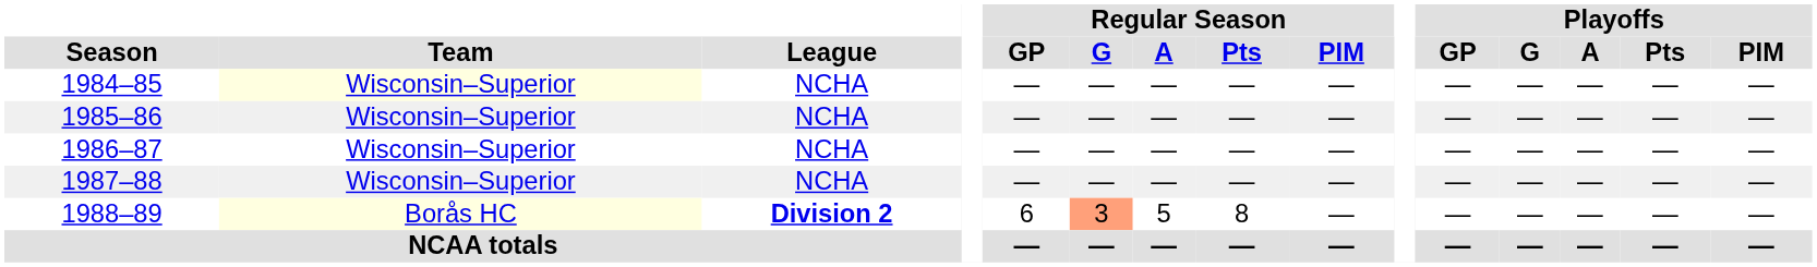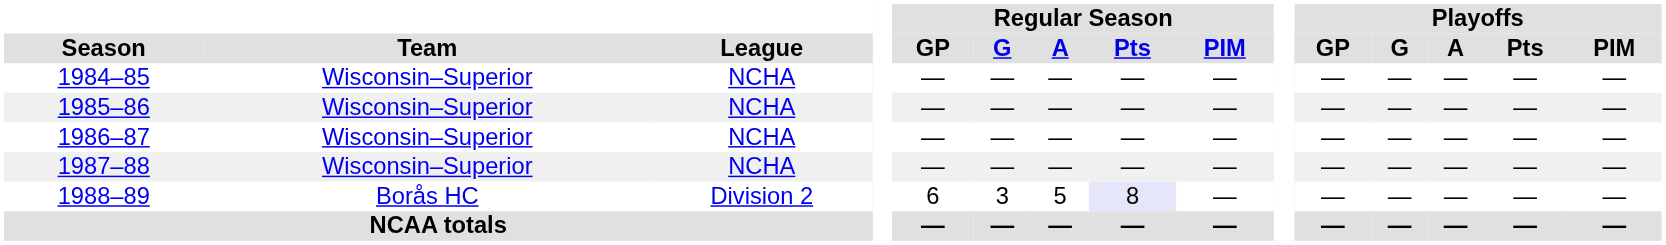 <table border="0" cellpadding="1" cellspacing="0" style="text-align:center; width:70em">
 <tr bgcolor="#e0e0e0">
 <th colspan="3"  bgcolor="#ffffff"> </th>
 <th rowspan="99" bgcolor="#ffffff"> </th>
 <th colspan="5">Regular Season</th>
 <th rowspan="99" bgcolor="#ffffff"> </th>
 <th colspan="5">Playoffs</th>
 </tr>
 <tr bgcolor="#e0e0e0">
 <th>Season</th>
 <th>Team</th>
 <th>League</th>
 <th>GP</th>
 <th><a href='#'>G</a></th>
 <th><a href='#'>A</a></th>
 <th><a href='#'>Pts</a></th>
 <th><a href='#'>PIM</a></th>
 <th>GP</th>
 <th>G</th>
 <th>A</th>
 <th>Pts</th>
 <th>PIM</th>
 </tr>
 <tr>
 <td><a href='#'>1984–85</a></td>
-<td style="background: lightyellow;"><a href='#'>Wisconsin–Superior</a></td>
+<td><a href='#'>Wisconsin–Superior</a></td>
 <td><a href='#'>NCHA</a></td>
 <td>—</td>
 <td>—</td>
 <td>—</td>
 <td>—</td>
 <td>—</td>
 <td>—</td>
 <td>—</td>
 <td>—</td>
 <td>—</td>
 <td>—</td>
 </tr>
 <tr bgcolor="f0f0f0">
 <td><a href='#'>1985–86</a></td>
 <td><a href='#'>Wisconsin–Superior</a></td>
 <td><a href='#'>NCHA</a></td>
 <td>—</td>
 <td>—</td>
 <td>—</td>
 <td>—</td>
 <td>—</td>
 <td>—</td>
 <td>—</td>
 <td>—</td>
 <td>—</td>
 <td>—</td>
 </tr>
 <tr>
 <td><a href='#'>1986–87</a></td>
 <td><a href='#'>Wisconsin–Superior</a></td>
 <td><a href='#'>NCHA</a></td>
 <td>—</td>
 <td>—</td>
 <td>—</td>
 <td>—</td>
 <td>—</td>
 <td>—</td>
 <td>—</td>
 <td>—</td>
 <td>—</td>
 <td>—</td>
 </tr>
 <tr bgcolor="f0f0f0">
 <td><a href='#'>1987–88</a></td>
 <td><a href='#'>Wisconsin–Superior</a></td>
 <td><a href='#'>NCHA</a></td>
 <td>—</td>
 <td>—</td>
 <td>—</td>
 <td>—</td>
 <td>—</td>
 <td>—</td>
 <td>—</td>
 <td>—</td>
 <td>—</td>
 <td>—</td>
 </tr>
 <tr>
 <td><a href='#'>1988–89</a></td>
-<td style="background: lightyellow;"><a href='#'>Borås HC</a></td>
-<td><strong><a href='#'>Division 2</a></strong></td>
+<td><a href='#'>Borås HC</a></td>
+<td><a href='#'>Division 2</a></td>
 <td>6</td>
-<td style="background: lightsalmon;">3</td>
+<td>3</td>
 <td>5</td>
-<td>8</td>
+<td style="background: lavender;">8</td>
 <td>—</td>
 <td>—</td>
 <td>—</td>
 <td>—</td>
 <td>—</td>
 <td>—</td>
 </tr>
 <tr bgcolor="#e0e0e0">
 <th colspan="3">NCAA totals</th>
 <th>—</th>
 <th>—</th>
 <th>—</th>
 <th>—</th>
 <th>—</th>
 <th>—</th>
 <th>—</th>
 <th>—</th>
 <th>—</th>
 <th>—</th>
 </tr>
 </table>
